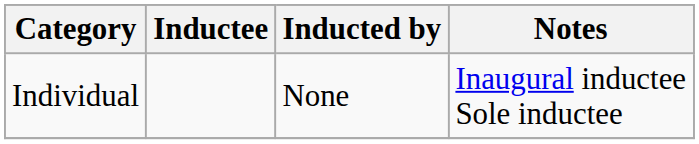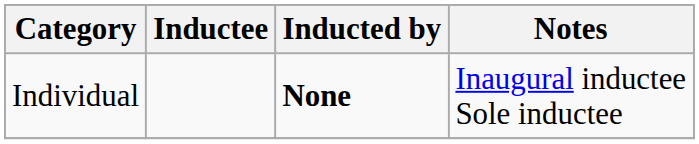 <table class="wikitable">
 <tr>
 <th>Category</th>
 <th>Inductee</th>
 <th>Inducted by</th>
 <th>Notes</th>
 </tr>
 <tr>
 <td>Individual</td>
 <td><strong></strong></td>
-<td>None</td>
+<td><strong>None</strong></td>
 <td><a href='#'>Inaugural</a> inductee <br> Sole inductee</td>
 </tr>
 <tr>
 </tr>
 </table>
